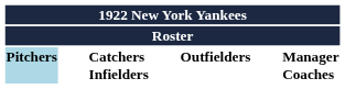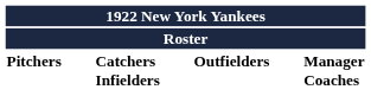 <table class="toccolours" style="font-size: 95%;">
 <tr>
 <th colspan="10" style="background-color: #1c2841; color: white; text-align: center;">1922 New York Yankees</th>
 </tr>
 <tr>
 <td colspan="10" style="background-color: #1c2841; color: white; text-align: center;"><strong>Roster</strong></td>
 </tr>
 <tr>
-<td valign="top" style="background: lightblue;"><strong>Pitchers</strong><br>       </td>
+<td valign="top"><strong>Pitchers</strong><br>       </td>
 <td width="25px"></td>
 <td valign="top"><strong>Catchers</strong><br>   <strong>Infielders</strong>       </td>
 <td width="25px"></td>
 <td valign="top"><strong>Outfielders</strong><br>       </td>
 <td width="25px"></td>
 <td valign="top"><strong>Manager</strong><br> <strong>Coaches</strong>  </td>
 </tr>
 </table>
